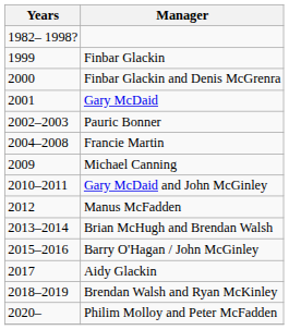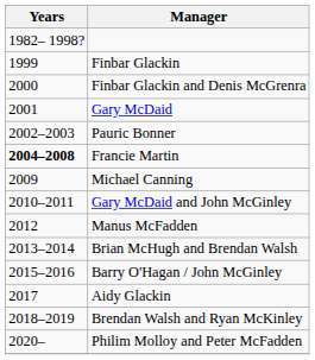 <table class="wikitable">
 <tr>
 <th>Years</th>
 <th>Manager</th>
 </tr>
 <tr>
 <td>1982– 1998?</td>
 <td></td>
 </tr>
 <tr>
 <td>1999</td>
 <td>Finbar Glackin</td>
 </tr>
 <tr>
 <td>2000</td>
 <td>Finbar Glackin and Denis McGrenra</td>
 </tr>
 <tr>
 <td>2001</td>
 <td><a href='#'>Gary McDaid</a></td>
 </tr>
 <tr>
 <td>2002–2003</td>
 <td>Pauric Bonner</td>
 </tr>
 <tr>
-<td>2004–2008</td>
+<td><strong>2004–2008</strong></td>
 <td>Francie Martin</td>
 </tr>
 <tr>
 <td>2009</td>
 <td>Michael Canning</td>
 </tr>
 <tr>
 <td>2010–2011</td>
 <td><a href='#'>Gary McDaid</a> and John McGinley</td>
 </tr>
 <tr>
 <td>2012</td>
 <td>Manus McFadden</td>
 </tr>
 <tr>
 <td>2013–2014</td>
 <td>Brian McHugh and Brendan Walsh</td>
 </tr>
 <tr>
 <td>2015–2016</td>
 <td>Barry O'Hagan / John McGinley</td>
 </tr>
 <tr>
 <td>2017</td>
 <td>Aidy Glackin</td>
 </tr>
 <tr>
 <td>2018–2019</td>
 <td>Brendan Walsh and Ryan McKinley</td>
 </tr>
 <tr>
 <td>2020–</td>
 <td>Philim Molloy and Peter McFadden</td>
 </tr>
 <tr>
 </tr>
 </table>
